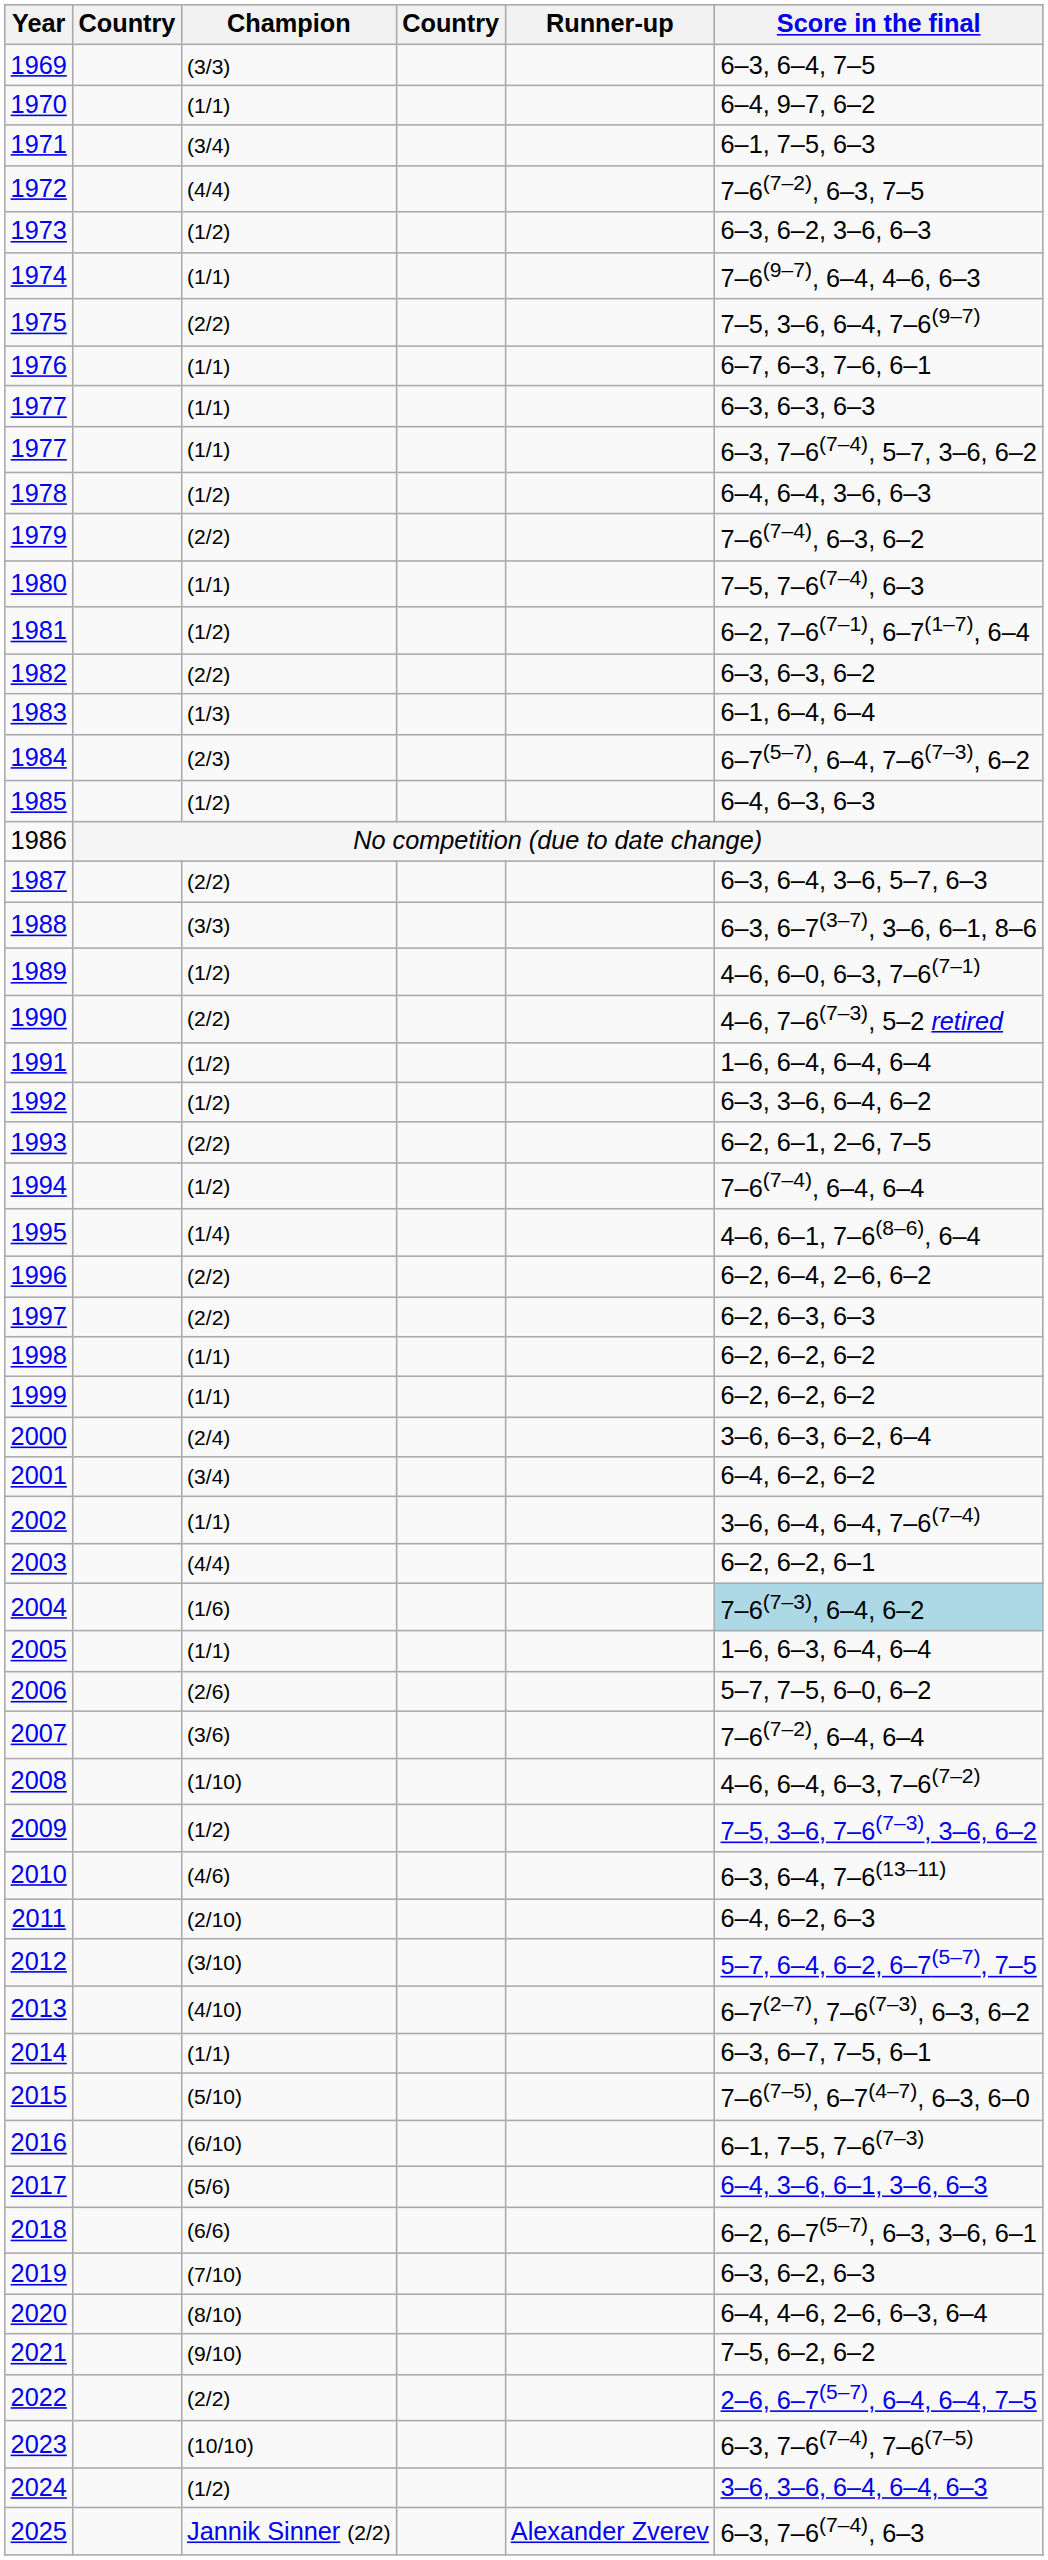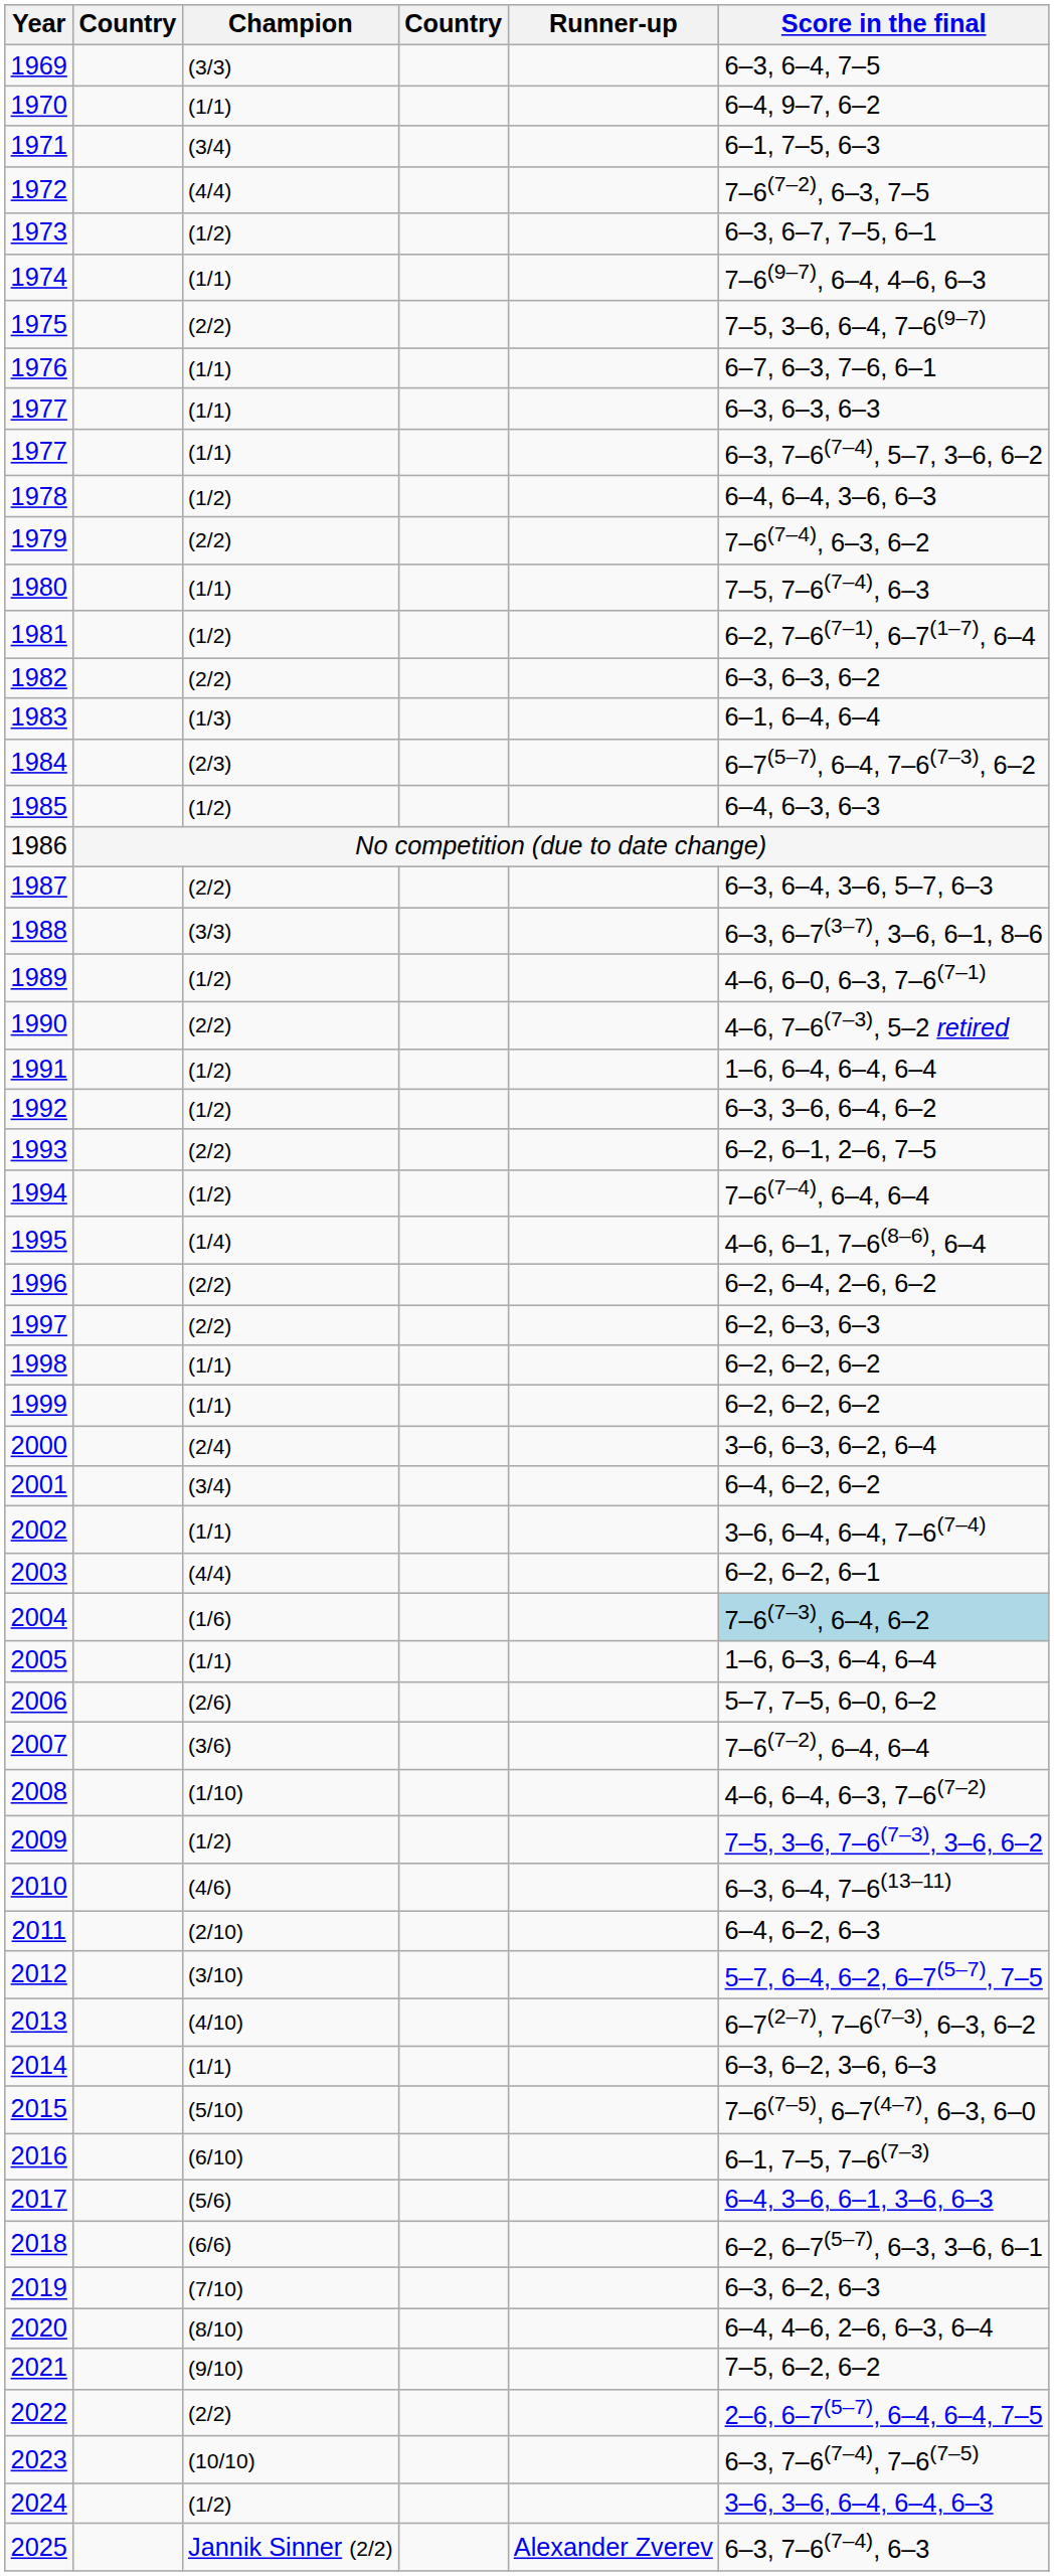 <table class="sortable wikitable">
 <tr>
 <th scope="col">Year</th>
 <th scope="col">Country</th>
 <th scope="col">Champion</th>
 <th scope="col">Country</th>
 <th scope="col">Runner-up</th>
 <th scope="col" class="unsortable"><a href='#'>Score in the final</a></th>
 </tr>
 <tr>
 <td style="text-align:center;"><a href='#'>1969</a></td>
 <td></td>
 <td> <small>(3/3)</small></td>
 <td></td>
 <td></td>
 <td>6–3, 6–4, 7–5</td>
 </tr>
 <tr>
 <td style="text-align:center;"><a href='#'>1970</a></td>
 <td></td>
 <td> <small>(1/1)</small></td>
 <td></td>
 <td></td>
 <td>6–4, 9–7, 6–2</td>
 </tr>
 <tr>
 <td style="text-align:center;"><a href='#'>1971</a></td>
 <td></td>
 <td> <small>(3/4)</small></td>
 <td></td>
 <td></td>
 <td>6–1, 7–5, 6–3</td>
 </tr>
 <tr>
 <td style="text-align:center;"><a href='#'>1972</a></td>
 <td></td>
 <td> <small>(4/4)</small></td>
 <td></td>
 <td></td>
 <td>7–6<sup>(7–2)</sup>, 6–3, 7–5</td>
 </tr>
 <tr>
 <td style="text-align:center;"><a href='#'>1973</a></td>
 <td></td>
 <td> <small>(1/2)</small></td>
 <td></td>
 <td></td>
-<td>6–3, 6–2, 3–6, 6–3</td>
+<td>6–3, 6–7, 7–5, 6–1</td>
 </tr>
 <tr>
 <td style="text-align:center;"><a href='#'>1974</a></td>
 <td></td>
 <td> <small>(1/1)</small></td>
 <td></td>
 <td></td>
 <td>7–6<sup>(9–7)</sup>, 6–4, 4–6, 6–3</td>
 </tr>
 <tr>
 <td style="text-align:center;"><a href='#'>1975</a></td>
 <td></td>
 <td> <small>(2/2)</small></td>
 <td></td>
 <td></td>
 <td>7–5, 3–6, 6–4, 7–6<sup>(9–7)</sup></td>
 </tr>
 <tr>
 <td style="text-align:center;"><a href='#'>1976</a></td>
 <td></td>
 <td> <small>(1/1)</small></td>
 <td></td>
 <td></td>
 <td>6–7, 6–3, 7–6, 6–1</td>
 </tr>
 <tr>
 <td style="text-align:center;"><a href='#'>1977</a></td>
 <td></td>
 <td> <small>(1/1)</small></td>
 <td></td>
 <td></td>
 <td>6–3, 6–3, 6–3</td>
 </tr>
 <tr>
 <td style="text-align:center;"><a href='#'>1977</a></td>
 <td></td>
 <td> <small>(1/1)</small></td>
 <td></td>
 <td></td>
 <td>6–3, 7–6<sup>(7–4)</sup>, 5–7, 3–6, 6–2</td>
 </tr>
 <tr>
 <td style="text-align:center;"><a href='#'>1978</a></td>
 <td></td>
 <td> <small>(1/2)</small></td>
 <td></td>
 <td></td>
 <td>6–4, 6–4, 3–6, 6–3</td>
 </tr>
 <tr>
 <td style="text-align:center;"><a href='#'>1979</a></td>
 <td></td>
 <td> <small>(2/2)</small></td>
 <td></td>
 <td></td>
 <td>7–6<sup>(7–4)</sup>, 6–3, 6–2</td>
 </tr>
 <tr>
 <td style="text-align:center;"><a href='#'>1980</a></td>
 <td></td>
 <td> <small>(1/1)</small></td>
 <td></td>
 <td></td>
 <td>7–5, 7–6<sup>(7–4)</sup>, 6–3</td>
 </tr>
 <tr>
 <td style="text-align:center;"><a href='#'>1981</a></td>
 <td></td>
 <td> <small>(1/2)</small></td>
 <td></td>
 <td></td>
 <td>6–2, 7–6<sup>(7–1)</sup>, 6–7<sup>(1–7)</sup>, 6–4</td>
 </tr>
 <tr>
 <td style="text-align:center;"><a href='#'>1982</a></td>
 <td></td>
 <td> <small>(2/2)</small></td>
 <td></td>
 <td></td>
 <td>6–3, 6–3, 6–2</td>
 </tr>
 <tr>
 <td style="text-align:center;"><a href='#'>1983</a></td>
 <td></td>
 <td> <small>(1/3)</small></td>
 <td></td>
 <td></td>
 <td>6–1, 6–4, 6–4</td>
 </tr>
 <tr>
 <td style="text-align:center;"><a href='#'>1984</a></td>
 <td></td>
 <td> <small>(2/3)</small></td>
 <td></td>
 <td></td>
 <td>6–7<sup>(5–7)</sup>, 6–4, 7–6<sup>(7–3)</sup>, 6–2</td>
 </tr>
 <tr>
 <td style="text-align:center;"><a href='#'>1985</a></td>
 <td></td>
 <td> <small>(1/2)</small></td>
 <td></td>
 <td></td>
 <td>6–4, 6–3, 6–3</td>
 </tr>
 <tr>
 <td style="text-align:center;">1986</td>
 <td colspan=5 align="center" bgcolor="F5F5F5"><em>No competition (due to date change)</em></td>
 </tr>
 <tr>
 <td style="text-align:center;"><a href='#'>1987</a></td>
 <td></td>
 <td> <small>(2/2)</small></td>
 <td></td>
 <td></td>
 <td>6–3, 6–4, 3–6, 5–7, 6–3</td>
 </tr>
 <tr>
 <td style="text-align:center;"><a href='#'>1988</a></td>
 <td></td>
 <td> <small>(3/3)</small></td>
 <td></td>
 <td></td>
 <td>6–3, 6–7<sup>(3–7)</sup>, 3–6, 6–1, 8–6</td>
 </tr>
 <tr>
 <td style="text-align:center;"><a href='#'>1989</a></td>
 <td></td>
 <td> <small>(1/2)</small></td>
 <td></td>
 <td></td>
 <td>4–6, 6–0, 6–3, 7–6<sup>(7–1)</sup></td>
 </tr>
 <tr>
 <td style="text-align:center;"><a href='#'>1990</a></td>
 <td></td>
 <td> <small>(2/2)</small></td>
 <td></td>
 <td></td>
 <td>4–6, 7–6<sup>(7–3)</sup>, 5–2 <em><a href='#'>retired</a></em></td>
 </tr>
 <tr>
 <td style="text-align:center;"><a href='#'>1991</a></td>
 <td></td>
 <td> <small>(1/2)</small></td>
 <td></td>
 <td></td>
 <td>1–6, 6–4, 6–4, 6–4</td>
 </tr>
 <tr>
 <td style="text-align:center;"><a href='#'>1992</a></td>
 <td></td>
 <td> <small>(1/2)</small></td>
 <td></td>
 <td></td>
 <td>6–3, 3–6, 6–4, 6–2</td>
 </tr>
 <tr>
 <td style="text-align:center;"><a href='#'>1993</a></td>
 <td></td>
 <td> <small>(2/2)</small></td>
 <td></td>
 <td></td>
 <td>6–2, 6–1, 2–6, 7–5</td>
 </tr>
 <tr>
 <td style="text-align:center;"><a href='#'>1994</a></td>
 <td></td>
 <td> <small>(1/2)</small></td>
 <td></td>
 <td></td>
 <td>7–6<sup>(7–4)</sup>, 6–4, 6–4</td>
 </tr>
 <tr>
 <td style="text-align:center;"><a href='#'>1995</a></td>
 <td></td>
 <td> <small>(1/4)</small></td>
 <td></td>
 <td></td>
 <td>4–6, 6–1, 7–6<sup>(8–6)</sup>, 6–4</td>
 </tr>
 <tr>
 <td style="text-align:center;"><a href='#'>1996</a></td>
 <td></td>
 <td> <small>(2/2)</small></td>
 <td></td>
 <td></td>
 <td>6–2, 6–4, 2–6, 6–2</td>
 </tr>
 <tr>
 <td style="text-align:center;"><a href='#'>1997</a></td>
 <td></td>
 <td> <small>(2/2)</small></td>
 <td></td>
 <td></td>
 <td>6–2, 6–3, 6–3</td>
 </tr>
 <tr>
 <td style="text-align:center;"><a href='#'>1998</a></td>
 <td></td>
 <td> <small>(1/1)</small></td>
 <td></td>
 <td></td>
 <td>6–2, 6–2, 6–2</td>
 </tr>
 <tr>
 <td style="text-align:center;"><a href='#'>1999</a></td>
 <td></td>
 <td> <small>(1/1)</small></td>
 <td></td>
 <td></td>
 <td>6–2, 6–2, 6–2</td>
 </tr>
 <tr>
 <td style="text-align:center;"><a href='#'>2000</a></td>
 <td></td>
 <td> <small>(2/4)</small></td>
 <td></td>
 <td></td>
 <td>3–6, 6–3, 6–2, 6–4</td>
 </tr>
 <tr>
 <td style="text-align:center;"><a href='#'>2001</a></td>
 <td></td>
 <td> <small>(3/4)</small></td>
 <td></td>
 <td></td>
 <td>6–4, 6–2, 6–2</td>
 </tr>
 <tr>
 <td style="text-align:center;"><a href='#'>2002</a></td>
 <td></td>
 <td> <small>(1/1)</small></td>
 <td></td>
 <td></td>
 <td>3–6, 6–4, 6–4, 7–6<sup>(7–4)</sup></td>
 </tr>
 <tr>
 <td style="text-align:center;"><a href='#'>2003</a></td>
 <td></td>
 <td> <small>(4/4)</small></td>
 <td></td>
 <td></td>
 <td>6–2, 6–2, 6–1</td>
 </tr>
 <tr>
 <td style="text-align:center;"><a href='#'>2004</a></td>
 <td></td>
 <td> <small>(1/6)</small></td>
 <td></td>
 <td></td>
 <td style="background: lightblue;">7–6<sup>(7–3)</sup>, 6–4, 6–2</td>
 </tr>
 <tr>
 <td style="text-align:center;"><a href='#'>2005</a></td>
 <td></td>
 <td> <small>(1/1)</small></td>
 <td></td>
 <td></td>
 <td>1–6, 6–3, 6–4, 6–4</td>
 </tr>
 <tr>
 <td style="text-align:center;"><a href='#'>2006</a></td>
 <td></td>
 <td> <small>(2/6)</small></td>
 <td></td>
 <td></td>
 <td>5–7, 7–5, 6–0, 6–2</td>
 </tr>
 <tr>
 <td style="text-align:center;"><a href='#'>2007</a></td>
 <td></td>
 <td> <small>(3/6)</small></td>
 <td></td>
 <td></td>
 <td>7–6<sup>(7–2)</sup>, 6–4, 6–4</td>
 </tr>
 <tr>
 <td style="text-align:center;"><a href='#'>2008</a></td>
 <td></td>
 <td> <small>(1/10)</small></td>
 <td></td>
 <td></td>
 <td>4–6, 6–4, 6–3, 7–6<sup>(7–2)</sup></td>
 </tr>
 <tr>
 <td style="text-align:center;"><a href='#'>2009</a></td>
 <td></td>
 <td> <small>(1/2)</small></td>
 <td></td>
 <td></td>
 <td><a href='#'>7–5, 3–6, 7–6<sup>(7–3)</sup>, 3–6, 6–2</a></td>
 </tr>
 <tr>
 <td style="text-align:center;"><a href='#'>2010</a></td>
 <td></td>
 <td> <small>(4/6)</small></td>
 <td></td>
 <td></td>
 <td>6–3, 6–4, 7–6<sup>(13–11)</sup></td>
 </tr>
 <tr>
 <td style="text-align:center;"><a href='#'>2011</a></td>
 <td></td>
 <td> <small>(2/10)</small></td>
 <td></td>
 <td></td>
 <td>6–4, 6–2, 6–3</td>
 </tr>
 <tr>
 <td style="text-align:center;"><a href='#'>2012</a></td>
 <td></td>
 <td> <small>(3/10)</small></td>
 <td></td>
 <td></td>
 <td><a href='#'>5–7, 6–4, 6–2, 6–7<sup>(5–7)</sup>, 7–5</a></td>
 </tr>
 <tr>
 <td style="text-align:center;"><a href='#'>2013</a></td>
 <td></td>
 <td> <small>(4/10)</small></td>
 <td></td>
 <td></td>
 <td>6–7<sup>(2–7)</sup>, 7–6<sup>(7–3)</sup>, 6–3, 6–2</td>
 </tr>
 <tr>
 <td style="text-align:center;"><a href='#'>2014</a></td>
 <td></td>
 <td> <small>(1/1)</small></td>
 <td></td>
 <td></td>
-<td>6–3, 6–7, 7–5, 6–1</td>
+<td>6–3, 6–2, 3–6, 6–3</td>
 </tr>
 <tr>
 <td style="text-align:center;"><a href='#'>2015</a></td>
 <td></td>
 <td> <small>(5/10)</small></td>
 <td></td>
 <td></td>
 <td>7–6<sup>(7–5)</sup>, 6–7<sup>(4–7)</sup>, 6–3, 6–0</td>
 </tr>
 <tr>
 <td style="text-align:center;"><a href='#'>2016</a></td>
 <td></td>
 <td> <small>(6/10)</small></td>
 <td></td>
 <td></td>
 <td>6–1, 7–5, 7–6<sup>(7–3)</sup></td>
 </tr>
 <tr>
 <td style="text-align:center;"><a href='#'>2017</a></td>
 <td></td>
 <td> <small>(5/6)</small></td>
 <td></td>
 <td></td>
 <td><a href='#'>6–4, 3–6, 6–1, 3–6, 6–3</a></td>
 </tr>
 <tr>
 <td style="text-align:center;"><a href='#'>2018</a></td>
 <td></td>
 <td> <small>(6/6)</small></td>
 <td></td>
 <td></td>
 <td>6–2, 6–7<sup>(5–7)</sup>, 6–3, 3–6, 6–1</td>
 </tr>
 <tr>
 <td style="text-align:center;"><a href='#'>2019</a></td>
 <td></td>
 <td> <small>(7/10)</small></td>
 <td></td>
 <td></td>
 <td>6–3, 6–2, 6–3</td>
 </tr>
 <tr>
 <td style="text-align:center;"><a href='#'>2020</a></td>
 <td></td>
 <td> <small>(8/10)</small></td>
 <td></td>
 <td></td>
 <td>6–4, 4–6, 2–6, 6–3, 6–4</td>
 </tr>
 <tr>
 <td style="text-align:center;"><a href='#'>2021</a></td>
 <td></td>
 <td> <small>(9/10)</small></td>
 <td></td>
 <td></td>
 <td>7–5, 6–2, 6–2</td>
 </tr>
 <tr>
 <td style="text-align:center;"><a href='#'>2022</a></td>
 <td></td>
 <td> <small>(2/2)</small></td>
 <td></td>
 <td></td>
 <td><a href='#'>2–6, 6–7<sup>(5–7)</sup>, 6–4, 6–4, 7–5</a></td>
 </tr>
 <tr>
 <td style="text-align:center;"><a href='#'>2023</a></td>
 <td></td>
 <td> <small>(10/10)</small></td>
 <td></td>
 <td></td>
 <td>6–3, 7–6<sup>(7–4)</sup>, 7–6<sup>(7–5)</sup></td>
 </tr>
 <tr>
 <td style="text-align:center;"><a href='#'>2024</a></td>
 <td></td>
 <td> <small>(1/2)</small></td>
 <td></td>
 <td></td>
 <td><a href='#'>3–6, 3–6, 6–4, 6–4, 6–3</a></td>
 </tr>
 <tr>
 <td style="text-align:center;"><a href='#'>2025</a></td>
 <td></td>
 <td><a href='#'>Jannik Sinner</a> <small>(2/2)</small></td>
 <td></td>
 <td><a href='#'>Alexander Zverev</a></td>
 <td>6–3, 7–6<sup>(7–4)</sup>, 6–3</td>
 </tr>
 </table>
